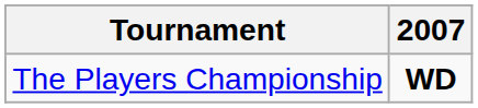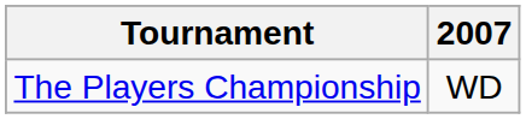 <table class="wikitable" style="font-size:95%;text-align:center;">
 <tr>
 <th>Tournament</th>
 <th>2007</th>
 </tr>
 <tr>
 <td align=left><a href='#'>The Players Championship</a></td>
-<td><strong>WD</strong></td>
+<td>WD</td>
 </tr>
 </table>
